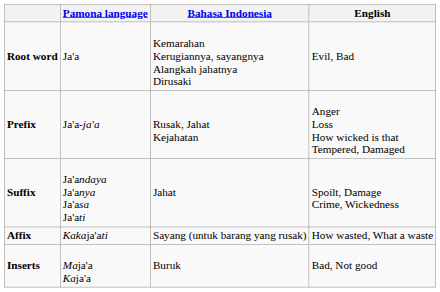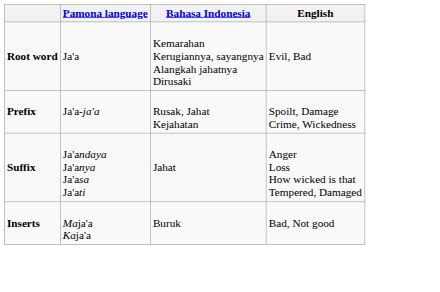 <table class="wikitable">
 <tr>
 <th></th>
 <th><a href='#'>Pamona language</a></th>
 <th><a href='#'>Bahasa Indonesia</a></th>
 <th>English</th>
 </tr>
 <tr>
 <td><strong>Root word</strong></td>
 <td>Ja'a</td>
 <td><br>Kemarahan<br> Kerugiannya, sayangnya<br> Alangkah jahatnya<br> Dirusaki</td>
 <td>Evil, Bad</td>
 </tr>
 <tr>
 <td><strong>Prefix</strong></td>
 <td>Ja'a<em>-ja'a</em></td>
 <td><br>Rusak, Jahat<br> Kejahatan</td>
-<td><br>Anger<br> Loss<br> How wicked is that<br> Tempered, Damaged</td>
+<td><br>Spoilt, Damage<br> Crime, Wickedness</td>
 </tr>
 <tr>
 <td><strong>Suffix</strong></td>
 <td><br>Ja'a<em>ndaya</em><br> Ja'a<em>nya</em><br> Ja'a<em>sa</em><br> Ja'a<em>ti</em></td>
 <td>Jahat</td>
-<td><br>Spoilt, Damage<br> Crime, Wickedness</td>
-</tr>
-<tr>
-<td><strong>Affix</strong></td>
-<td><em>Kaka</em>ja'a<em>ti</em></td>
-<td>Sayang (untuk barang yang rusak)</td>
-<td>How wasted, What a waste</td>
+<td><br>Anger<br> Loss<br> How wicked is that<br> Tempered, Damaged</td>
 </tr>
 <tr>
 <td><strong>Inserts</strong></td>
 <td><br><em>Ma</em>ja'a<br> <em>Ka</em>ja'a</td>
 <td>Buruk</td>
 <td>Bad, Not good</td>
 </tr>
 </table>
